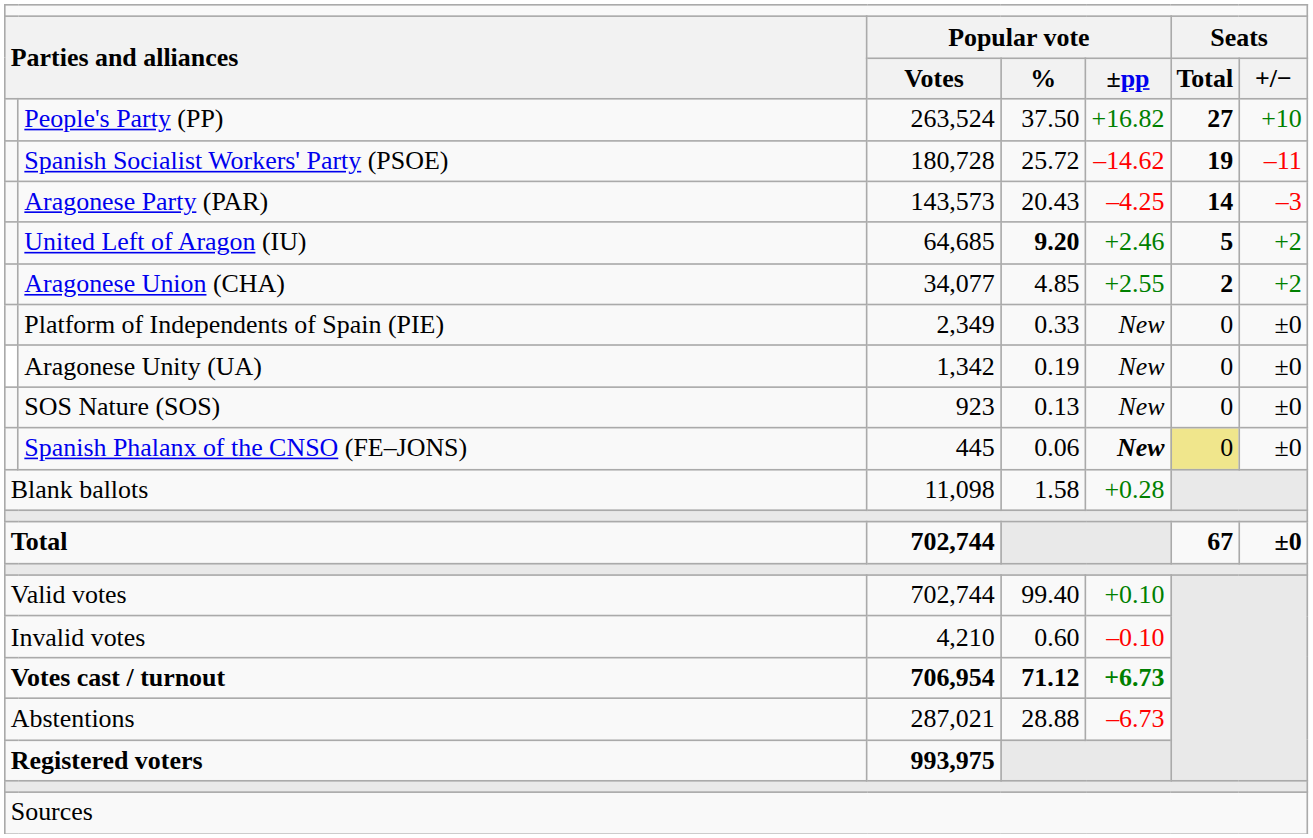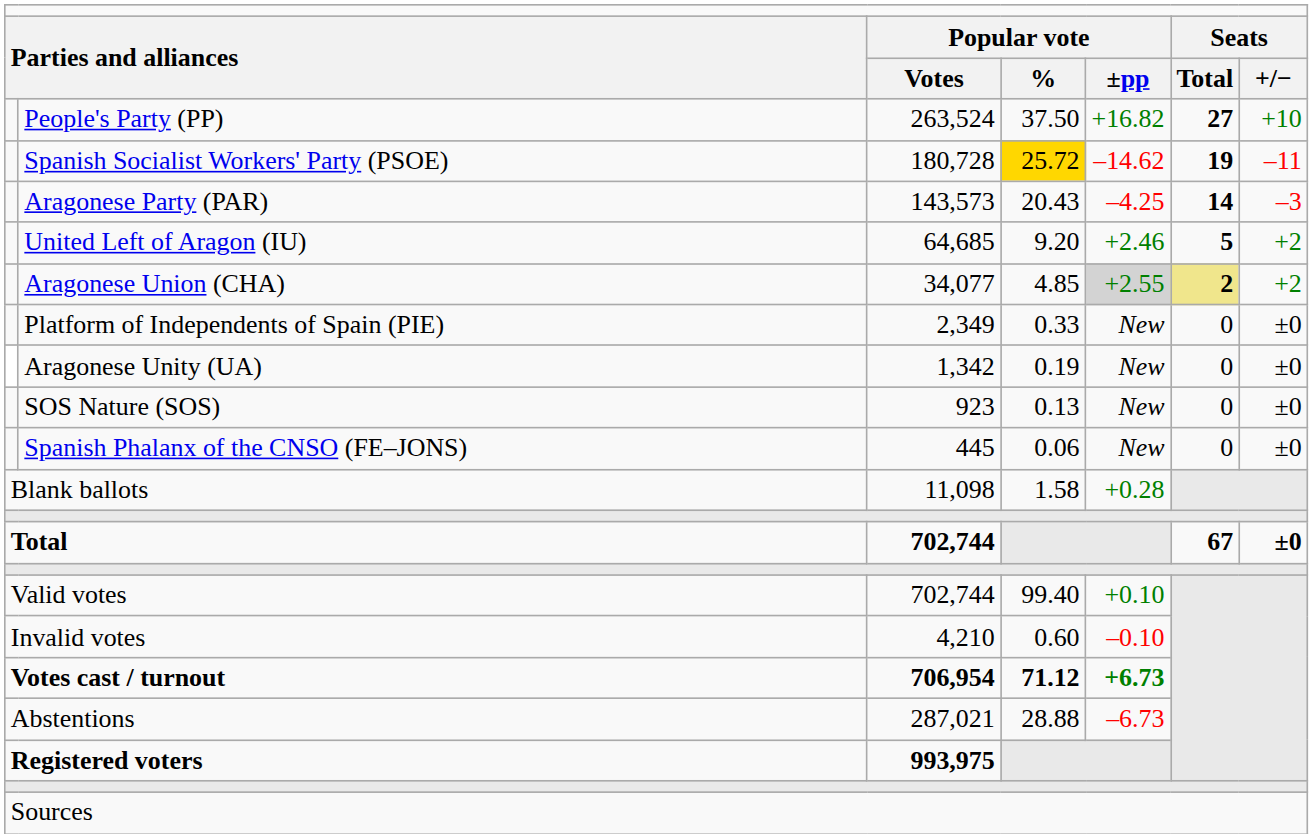 <table class="wikitable" style="text-align:right;">
 <tr>
 <td colspan="7"></td>
 </tr>
 <tr>
 <th style="text-align:left;" rowspan="2" colspan="2" width="525">Parties and alliances</th>
 <th colspan="3">Popular vote</th>
 <th colspan="2">Seats</th>
 </tr>
 <tr>
 <th width="75">Votes</th>
 <th width="45">%</th>
 <th width="45">±<a href='#'>pp</a></th>
 <th width="35">Total</th>
 <th width="35">+/−</th>
 </tr>
 <tr>
 <td width="1" style="color:inherit;background:"></td>
 <td align="left"><a href='#'>People's Party</a> (PP)</td>
 <td>263,524</td>
 <td>37.50</td>
 <td style="color:green;">+16.82</td>
 <td><strong>27</strong></td>
 <td style="color:green;">+10</td>
 </tr>
 <tr>
 <td style="color:inherit;background:"></td>
 <td align="left"><a href='#'>Spanish Socialist Workers' Party</a> (PSOE)</td>
 <td>180,728</td>
-<td>25.72</td>
+<td style="background: gold;">25.72</td>
 <td style="color:red;">–14.62</td>
 <td><strong>19</strong></td>
 <td style="color:red;">–11</td>
 </tr>
 <tr>
 <td style="color:inherit;background:"></td>
 <td align="left"><a href='#'>Aragonese Party</a> (PAR)</td>
 <td>143,573</td>
 <td>20.43</td>
 <td style="color:red;">–4.25</td>
 <td><strong>14</strong></td>
 <td style="color:red;">–3</td>
 </tr>
 <tr>
 <td style="color:inherit;background:"></td>
 <td align="left"><a href='#'>United Left of Aragon</a> (IU)</td>
 <td>64,685</td>
-<td><strong>9.20</strong></td>
+<td>9.20</td>
 <td style="color:green;">+2.46</td>
 <td><strong>5</strong></td>
 <td style="color:green;">+2</td>
 </tr>
 <tr>
 <td style="color:inherit;background:"></td>
 <td align="left"><a href='#'>Aragonese Union</a> (CHA)</td>
 <td>34,077</td>
 <td>4.85</td>
-<td style="color:green;">+2.55</td>
-<td><strong>2</strong></td>
+<td style="background: lightgrey; color:green;">+2.55</td>
+<td style="background: khaki;"><strong>2</strong></td>
 <td style="color:green;">+2</td>
 </tr>
 <tr>
 <td style="color:inherit;background:"></td>
 <td align="left">Platform of Independents of Spain (PIE)</td>
 <td>2,349</td>
 <td>0.33</td>
 <td><em>New</em></td>
 <td>0</td>
 <td>±0</td>
 </tr>
 <tr>
 <td bgcolor="white"></td>
 <td align="left">Aragonese Unity (UA)</td>
 <td>1,342</td>
 <td>0.19</td>
 <td><em>New</em></td>
 <td>0</td>
 <td>±0</td>
 </tr>
 <tr>
 <td style="color:inherit;background:"></td>
 <td align="left">SOS Nature (SOS)</td>
 <td>923</td>
 <td>0.13</td>
 <td><em>New</em></td>
 <td>0</td>
 <td>±0</td>
 </tr>
 <tr>
 <td style="color:inherit;background:"></td>
 <td align="left"><a href='#'>Spanish Phalanx of the CNSO</a> (FE–JONS)</td>
 <td>445</td>
 <td>0.06</td>
-<td><strong><em>New</em></strong></td>
-<td style="background: khaki;">0</td>
+<td><em>New</em></td>
+<td>0</td>
 <td>±0</td>
 </tr>
 <tr>
 <td align="left" colspan="2">Blank ballots</td>
 <td>11,098</td>
 <td>1.58</td>
 <td style="color:green;">+0.28</td>
 <td bgcolor="#E9E9E9" colspan="2"></td>
 </tr>
 <tr>
 <td colspan="7" bgcolor="#E9E9E9"></td>
 </tr>
 <tr style="font-weight:bold;">
 <td align="left" colspan="2">Total</td>
 <td>702,744</td>
 <td bgcolor="#E9E9E9" colspan="2"></td>
 <td>67</td>
 <td>±0</td>
 </tr>
 <tr>
 <td colspan="7" bgcolor="#E9E9E9"></td>
 </tr>
 <tr>
 <td align="left" colspan="2">Valid votes</td>
 <td>702,744</td>
 <td>99.40</td>
 <td style="color:green;">+0.10</td>
 <td bgcolor="#E9E9E9" colspan="2" rowspan="5"></td>
 </tr>
 <tr>
 <td align="left" colspan="2">Invalid votes</td>
 <td>4,210</td>
 <td>0.60</td>
 <td style="color:red;">–0.10</td>
 </tr>
 <tr style="font-weight:bold;">
 <td align="left" colspan="2">Votes cast / turnout</td>
 <td>706,954</td>
 <td>71.12</td>
 <td style="color:green;">+6.73</td>
 </tr>
 <tr>
 <td align="left" colspan="2">Abstentions</td>
 <td>287,021</td>
 <td>28.88</td>
 <td style="color:red;">–6.73</td>
 </tr>
 <tr style="font-weight:bold;">
 <td align="left" colspan="2">Registered voters</td>
 <td>993,975</td>
 <td bgcolor="#E9E9E9" colspan="2"></td>
 </tr>
 <tr>
 <td colspan="7" bgcolor="#E9E9E9"></td>
 </tr>
 <tr>
 <td align="left" colspan="7">Sources</td>
 </tr>
 </table>
